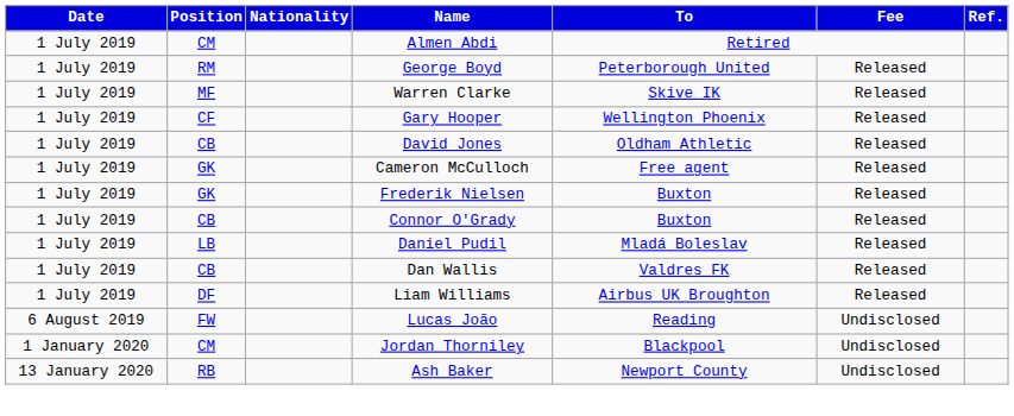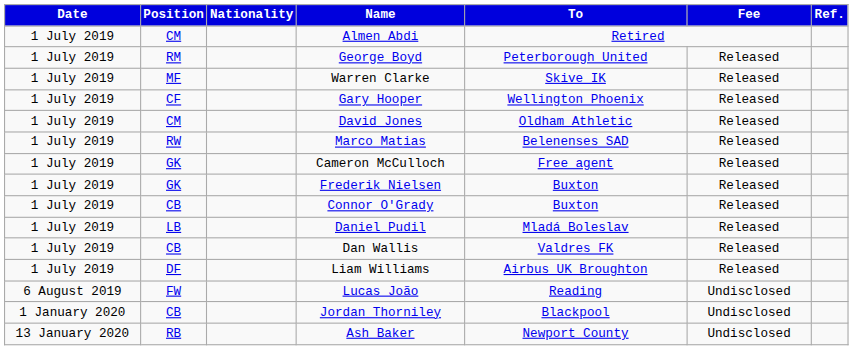 <table class="wikitable"  style="text-align:center; font-size:90%; ">
 <tr>
 <th style="background:#0000dd; color:#FFFFFF; width:120px;">Date</th>
 <th style="background:#0000dd; color:#FFFFFF; width:50px;">Position</th>
 <th style="background:#0000dd; color:#FFFFFF; width:50px;">Nationality</th>
 <th style="background:#0000dd; color:#FFFFFF; width:150px;">Name</th>
 <th style="background:#0000dd; color:#FFFFFF; width:200px;">To</th>
 <th style="background:#0000dd; color:#FFFFFF; width:110px;">Fee</th>
 <th style="background:#0000dd; color:#FFFFFF; width:25px;">Ref.</th>
 </tr>
 <tr>
 <td>1 July 2019</td>
 <td><a href='#'>CM</a></td>
 <td></td>
 <td><a href='#'>Almen Abdi</a></td>
 <td colspan="2"><a href='#'>Retired</a></td>
 <td></td>
 </tr>
 <tr>
 <td>1 July 2019</td>
 <td><a href='#'>RM</a></td>
 <td></td>
 <td><a href='#'>George Boyd</a></td>
 <td> <a href='#'>Peterborough United</a></td>
 <td>Released</td>
 <td></td>
 </tr>
 <tr>
 <td>1 July 2019</td>
 <td><a href='#'>MF</a></td>
 <td></td>
 <td>Warren Clarke</td>
 <td> <a href='#'>Skive IK</a></td>
 <td>Released</td>
 <td></td>
 </tr>
 <tr>
 <td>1 July 2019</td>
 <td><a href='#'>CF</a></td>
 <td></td>
 <td><a href='#'>Gary Hooper</a></td>
 <td> <a href='#'>Wellington Phoenix</a></td>
 <td>Released</td>
 <td></td>
 </tr>
 <tr>
 <td>1 July 2019</td>
-<td><a href='#'>CB</a></td>
+<td><a href='#'>CM</a></td>
 <td></td>
 <td><a href='#'>David Jones</a></td>
 <td> <a href='#'>Oldham Athletic</a></td>
+<td>Released</td>
+<td></td>
+</tr>
+<tr>
+<td>1 July 2019</td>
+<td><a href='#'>RW</a></td>
+<td></td>
+<td><a href='#'>Marco Matias</a></td>
+<td> <a href='#'>Belenenses SAD</a></td>
 <td>Released</td>
 <td></td>
 </tr>
 <tr>
 <td>1 July 2019</td>
 <td><a href='#'>GK</a></td>
 <td></td>
 <td>Cameron McCulloch</td>
 <td> <a href='#'>Free agent</a></td>
 <td>Released</td>
 <td></td>
 </tr>
 <tr>
 <td>1 July 2019</td>
 <td><a href='#'>GK</a></td>
 <td></td>
 <td><a href='#'>Frederik Nielsen</a></td>
 <td> <a href='#'>Buxton</a></td>
 <td>Released</td>
 <td></td>
 </tr>
 <tr>
 <td>1 July 2019</td>
 <td><a href='#'>CB</a></td>
 <td></td>
 <td><a href='#'>Connor O'Grady</a></td>
 <td> <a href='#'>Buxton</a></td>
 <td>Released</td>
 <td></td>
 </tr>
 <tr>
 <td>1 July 2019</td>
 <td><a href='#'>LB</a></td>
 <td></td>
 <td><a href='#'>Daniel Pudil</a></td>
 <td> <a href='#'>Mladá Boleslav</a></td>
 <td>Released</td>
 <td></td>
 </tr>
 <tr>
 <td>1 July 2019</td>
 <td><a href='#'>CB</a></td>
 <td></td>
 <td>Dan Wallis</td>
 <td> <a href='#'>Valdres FK</a></td>
 <td>Released</td>
 <td></td>
 </tr>
 <tr>
 <td>1 July 2019</td>
 <td><a href='#'>DF</a></td>
 <td></td>
 <td>Liam Williams</td>
 <td> <a href='#'>Airbus UK Broughton</a></td>
 <td>Released</td>
 <td></td>
 </tr>
 <tr>
 <td>6 August 2019</td>
 <td><a href='#'>FW</a></td>
 <td></td>
 <td><a href='#'>Lucas João</a></td>
 <td> <a href='#'>Reading</a></td>
 <td>Undisclosed</td>
 <td></td>
 </tr>
 <tr>
 <td>1 January 2020</td>
-<td><a href='#'>CM</a></td>
+<td><a href='#'>CB</a></td>
 <td></td>
 <td><a href='#'>Jordan Thorniley</a></td>
 <td> <a href='#'>Blackpool</a></td>
 <td>Undisclosed</td>
 <td></td>
 </tr>
 <tr>
 <td>13 January 2020</td>
 <td><a href='#'>RB</a></td>
 <td></td>
 <td><a href='#'>Ash Baker</a></td>
 <td> <a href='#'>Newport County</a></td>
 <td>Undisclosed</td>
 <td></td>
 </tr>
 </table>
